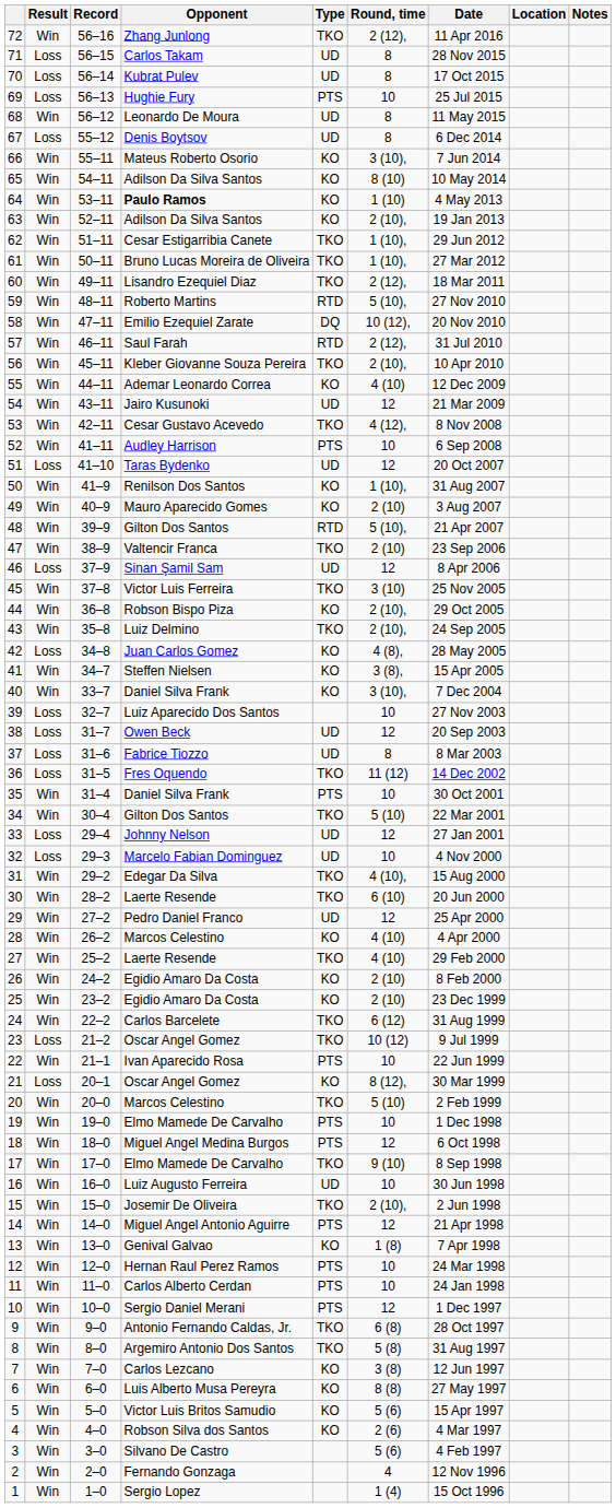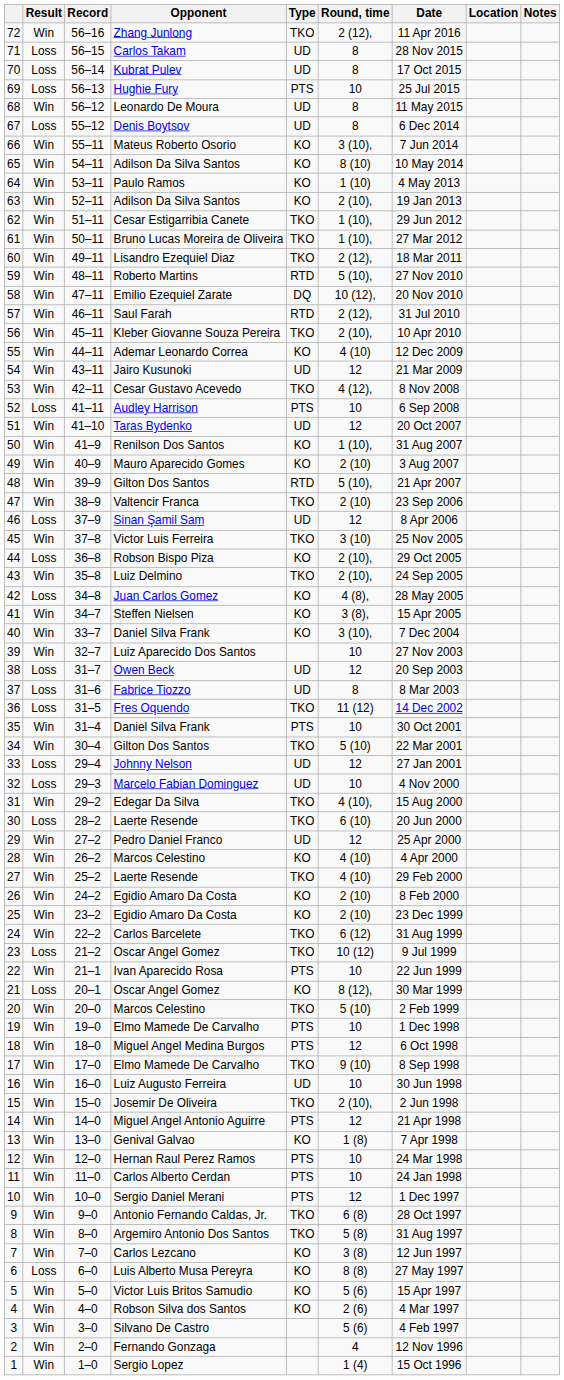 <table class="wikitable" style="text-align:center">
 <tr>
 <th></th>
 <th>Result</th>
 <th>Record</th>
 <th>Opponent</th>
 <th>Type</th>
 <th>Round, time</th>
 <th>Date</th>
 <th>Location</th>
 <th>Notes</th>
 </tr>
 <tr>
 <td>72</td>
 <td>Win</td>
 <td>56–16</td>
 <td align=left><a href='#'>Zhang Junlong</a></td>
 <td>TKO</td>
 <td>2 (12), </td>
 <td>11 Apr 2016</td>
 <td align=left></td>
 <td align=left></td>
 </tr>
 <tr>
 <td>71</td>
 <td>Loss</td>
 <td>56–15</td>
 <td align=left><a href='#'>Carlos Takam</a></td>
 <td>UD</td>
 <td>8</td>
 <td>28 Nov 2015</td>
 <td align=left></td>
 <td></td>
 </tr>
 <tr>
 <td>70</td>
 <td>Loss</td>
 <td>56–14</td>
 <td align=left><a href='#'>Kubrat Pulev</a></td>
 <td>UD</td>
 <td>8</td>
 <td>17 Oct 2015</td>
 <td align=left></td>
 <td></td>
 </tr>
 <tr>
 <td>69</td>
 <td>Loss</td>
 <td>56–13</td>
 <td align=left><a href='#'>Hughie Fury</a></td>
 <td>PTS</td>
 <td>10</td>
 <td>25 Jul 2015</td>
 <td align=left></td>
 <td></td>
 </tr>
 <tr>
 <td>68</td>
 <td>Win</td>
 <td>56–12</td>
 <td align=left>Leonardo De Moura</td>
 <td>UD</td>
 <td>8</td>
 <td>11 May 2015</td>
 <td align=left></td>
 <td align=left></td>
 </tr>
 <tr>
 <td>67</td>
 <td>Loss</td>
 <td>55–12</td>
 <td align=left><a href='#'>Denis Boytsov</a></td>
 <td>UD</td>
 <td>8</td>
 <td>6 Dec 2014</td>
 <td align=left></td>
 <td></td>
 </tr>
 <tr>
 <td>66</td>
 <td>Win</td>
 <td>55–11</td>
 <td align=left>Mateus Roberto Osorio</td>
 <td>KO</td>
 <td>3 (10), </td>
 <td>7 Jun 2014</td>
 <td align=left></td>
 <td align=left></td>
 </tr>
 <tr>
 <td>65</td>
 <td>Win</td>
 <td>54–11</td>
 <td align=left>Adilson Da Silva Santos</td>
 <td>KO</td>
 <td>8 (10)</td>
 <td>10 May 2014</td>
 <td align=left></td>
 <td align=left></td>
 </tr>
 <tr>
 <td>64</td>
 <td>Win</td>
 <td>53–11</td>
-<td align=left><strong>Paulo Ramos</strong></td>
+<td align=left>Paulo Ramos</td>
 <td>KO</td>
 <td>1 (10)</td>
 <td>4 May 2013</td>
 <td align=left></td>
 <td align=left></td>
 </tr>
 <tr>
 <td>63</td>
 <td>Win</td>
 <td>52–11</td>
 <td align=left>Adilson Da Silva Santos</td>
 <td>KO</td>
 <td>2 (10), </td>
 <td>19 Jan 2013</td>
 <td align=left></td>
 <td align=left></td>
 </tr>
 <tr>
 <td>62</td>
 <td>Win</td>
 <td>51–11</td>
 <td align=left>Cesar Estigarribia Canete</td>
 <td>TKO</td>
 <td>1 (10), </td>
 <td>29 Jun 2012</td>
 <td align=left></td>
 <td align=left></td>
 </tr>
 <tr>
 <td>61</td>
 <td>Win</td>
 <td>50–11</td>
 <td align=left>Bruno Lucas Moreira de Oliveira</td>
 <td>TKO</td>
 <td>1 (10), </td>
 <td>27 Mar 2012</td>
 <td align=left></td>
 <td align=left></td>
 </tr>
 <tr>
 <td>60</td>
 <td>Win</td>
 <td>49–11</td>
 <td align=left>Lisandro Ezequiel Diaz</td>
 <td>TKO</td>
 <td>2 (12), </td>
 <td>18 Mar 2011</td>
 <td align=left></td>
 <td align=left></td>
 </tr>
 <tr>
 <td>59</td>
 <td>Win</td>
 <td>48–11</td>
 <td align=left>Roberto Martins</td>
 <td>RTD</td>
 <td>5 (10), </td>
 <td>27 Nov 2010</td>
 <td align=left></td>
 <td align=left></td>
 </tr>
 <tr>
 <td>58</td>
 <td>Win</td>
 <td>47–11</td>
 <td align=left>Emilio Ezequiel Zarate</td>
 <td>DQ</td>
 <td>10 (12), </td>
 <td>20 Nov 2010</td>
 <td align=left></td>
 <td align=left></td>
 </tr>
 <tr>
 <td>57</td>
 <td>Win</td>
 <td>46–11</td>
 <td align=left>Saul Farah</td>
 <td>RTD</td>
 <td>2 (12), </td>
 <td>31 Jul 2010</td>
 <td align=left></td>
 <td align=left></td>
 </tr>
 <tr>
 <td>56</td>
 <td>Win</td>
 <td>45–11</td>
 <td align=left>Kleber Giovanne Souza Pereira</td>
 <td>TKO</td>
 <td>2 (10), </td>
 <td>10 Apr 2010</td>
 <td align=left></td>
 <td align=left></td>
 </tr>
 <tr>
 <td>55</td>
 <td>Win</td>
 <td>44–11</td>
 <td align=left>Ademar Leonardo Correa</td>
 <td>KO</td>
 <td>4 (10)</td>
 <td>12 Dec 2009</td>
 <td align=left></td>
 <td align=left></td>
 </tr>
 <tr>
 <td>54</td>
 <td>Win</td>
 <td>43–11</td>
 <td align=left>Jairo Kusunoki</td>
 <td>UD</td>
 <td>12</td>
 <td>21 Mar 2009</td>
 <td align=left></td>
 <td align=left></td>
 </tr>
 <tr>
 <td>53</td>
 <td>Win</td>
 <td>42–11</td>
 <td align=left>Cesar Gustavo Acevedo</td>
 <td>TKO</td>
 <td>4 (12), </td>
 <td>8 Nov 2008</td>
 <td align=left></td>
 <td align=left></td>
 </tr>
 <tr>
 <td>52</td>
-<td>Win</td>
+<td>Loss</td>
 <td>41–11</td>
 <td align=left><a href='#'>Audley Harrison</a></td>
 <td>PTS</td>
 <td>10</td>
 <td>6 Sep 2008</td>
 <td align=left></td>
 <td align=left></td>
 </tr>
 <tr>
 <td>51</td>
-<td>Loss</td>
+<td>Win</td>
 <td>41–10</td>
 <td align=left><a href='#'>Taras Bydenko</a></td>
 <td>UD</td>
 <td>12</td>
 <td>20 Oct 2007</td>
 <td align=left></td>
 <td align=left></td>
 </tr>
 <tr>
 <td>50</td>
 <td>Win</td>
 <td>41–9</td>
 <td align=left>Renilson Dos Santos</td>
 <td>KO</td>
 <td>1 (10), </td>
 <td>31 Aug 2007</td>
 <td align=left></td>
 <td align=left></td>
 </tr>
 <tr>
 <td>49</td>
 <td>Win</td>
 <td>40–9</td>
 <td align=left>Mauro Aparecido Gomes</td>
 <td>KO</td>
 <td>2 (10)</td>
 <td>3 Aug 2007</td>
 <td align=left></td>
 <td align=left></td>
 </tr>
 <tr>
 <td>48</td>
 <td>Win</td>
 <td>39–9</td>
 <td align=left>Gilton Dos Santos</td>
 <td>RTD</td>
 <td>5 (10), </td>
 <td>21 Apr 2007</td>
 <td align=left></td>
 <td align=left></td>
 </tr>
 <tr>
 <td>47</td>
 <td>Win</td>
 <td>38–9</td>
 <td align=left>Valtencir Franca</td>
 <td>TKO</td>
 <td>2 (10)</td>
 <td>23 Sep 2006</td>
 <td align=left></td>
 <td align=left></td>
 </tr>
 <tr>
 <td>46</td>
 <td>Loss</td>
 <td>37–9</td>
 <td align=left><a href='#'>Sinan Şamil Sam</a></td>
 <td>UD</td>
 <td>12</td>
 <td>8 Apr 2006</td>
 <td align=left></td>
 <td align=left></td>
 </tr>
 <tr>
 <td>45</td>
 <td>Win</td>
 <td>37–8</td>
 <td align=left>Victor Luis Ferreira</td>
 <td>TKO</td>
 <td>3 (10)</td>
 <td>25 Nov 2005</td>
 <td align=left></td>
 <td align=left></td>
 </tr>
 <tr>
 <td>44</td>
-<td>Win</td>
+<td>Loss</td>
 <td>36–8</td>
 <td align=left>Robson Bispo Piza</td>
 <td>KO</td>
 <td>2 (10), </td>
 <td>29 Oct 2005</td>
 <td align=left></td>
 <td align=left></td>
 </tr>
 <tr>
 <td>43</td>
 <td>Win</td>
 <td>35–8</td>
 <td align=left>Luiz Delmino</td>
 <td>TKO</td>
 <td>2 (10), </td>
 <td>24 Sep 2005</td>
 <td align=left></td>
 <td align=left></td>
 </tr>
 <tr>
 <td>42</td>
 <td>Loss</td>
 <td>34–8</td>
 <td align=left><a href='#'>Juan Carlos Gomez</a></td>
 <td>KO</td>
 <td>4 (8), </td>
 <td>28 May 2005</td>
 <td align=left></td>
 <td align=left></td>
 </tr>
 <tr>
 <td>41</td>
 <td>Win</td>
 <td>34–7</td>
 <td align=left>Steffen Nielsen</td>
 <td>KO</td>
 <td>3 (8), </td>
 <td>15 Apr 2005</td>
 <td align=left></td>
 <td align=left></td>
 </tr>
 <tr>
 <td>40</td>
 <td>Win</td>
 <td>33–7</td>
 <td align=left>Daniel Silva Frank</td>
 <td>KO</td>
 <td>3 (10), </td>
 <td>7 Dec 2004</td>
 <td align=left></td>
 <td align=left></td>
 </tr>
 <tr>
 <td>39</td>
-<td>Loss</td>
+<td>Win</td>
 <td>32–7</td>
 <td align=left>Luiz Aparecido Dos Santos</td>
 <td></td>
 <td>10</td>
 <td>27 Nov 2003</td>
 <td align=left></td>
 <td align=left></td>
 </tr>
 <tr>
 <td>38</td>
 <td>Loss</td>
 <td>31–7</td>
 <td align=left><a href='#'>Owen Beck</a></td>
 <td>UD</td>
 <td>12</td>
 <td>20 Sep 2003</td>
 <td align=left></td>
 <td align=left></td>
 </tr>
 <tr>
 <td>37</td>
 <td>Loss</td>
 <td>31–6</td>
 <td align=left><a href='#'>Fabrice Tiozzo</a></td>
 <td>UD</td>
 <td>8</td>
 <td>8 Mar 2003</td>
 <td align=left></td>
 <td align=left></td>
 </tr>
 <tr>
 <td>36</td>
 <td>Loss</td>
 <td>31–5</td>
 <td align=left><a href='#'>Fres Oquendo</a></td>
 <td>TKO</td>
 <td>11 (12)</td>
 <td><a href='#'>14 Dec 2002</a></td>
 <td align=left></td>
 <td align=left></td>
 </tr>
 <tr>
 <td>35</td>
 <td>Win</td>
 <td>31–4</td>
 <td align=left>Daniel Silva Frank</td>
 <td>PTS</td>
 <td>10</td>
 <td>30 Oct 2001</td>
 <td align=left></td>
 <td align=left></td>
 </tr>
 <tr>
 <td>34</td>
 <td>Win</td>
 <td>30–4</td>
 <td align=left>Gilton Dos Santos</td>
 <td>TKO</td>
 <td>5 (10)</td>
 <td>22 Mar 2001</td>
 <td align=left></td>
 <td align=left></td>
 </tr>
 <tr>
 <td>33</td>
 <td>Loss</td>
 <td>29–4</td>
 <td align=left><a href='#'>Johnny Nelson</a></td>
 <td>UD</td>
 <td>12</td>
 <td>27 Jan 2001</td>
 <td align=left></td>
 <td align=left></td>
 </tr>
 <tr>
 <td>32</td>
 <td>Loss</td>
 <td>29–3</td>
 <td align=left><a href='#'>Marcelo Fabian Dominguez</a></td>
 <td>UD</td>
 <td>10</td>
 <td>4 Nov 2000</td>
 <td align=left></td>
 <td align=left></td>
 </tr>
 <tr>
 <td>31</td>
 <td>Win</td>
 <td>29–2</td>
 <td align=left>Edegar Da Silva</td>
 <td>TKO</td>
 <td>4 (10), </td>
 <td>15 Aug 2000</td>
 <td align=left></td>
 <td align=left></td>
 </tr>
 <tr>
 <td>30</td>
-<td>Win</td>
+<td>Loss</td>
 <td>28–2</td>
 <td align=left>Laerte Resende</td>
 <td>TKO</td>
 <td>6 (10)</td>
 <td>20 Jun 2000</td>
 <td align=left></td>
 <td align=left></td>
 </tr>
 <tr>
 <td>29</td>
 <td>Win</td>
 <td>27–2</td>
 <td align=left>Pedro Daniel Franco</td>
 <td>UD</td>
 <td>12</td>
 <td>25 Apr 2000</td>
 <td align=left></td>
 <td align=left></td>
 </tr>
 <tr>
 <td>28</td>
 <td>Win</td>
 <td>26–2</td>
 <td align=left>Marcos Celestino</td>
 <td>KO</td>
 <td>4 (10)</td>
 <td>4 Apr 2000</td>
 <td align=left></td>
 <td align=left></td>
 </tr>
 <tr>
 <td>27</td>
 <td>Win</td>
 <td>25–2</td>
 <td align=left>Laerte Resende</td>
 <td>TKO</td>
 <td>4 (10)</td>
 <td>29 Feb 2000</td>
 <td align=left></td>
 <td align=left></td>
 </tr>
 <tr>
 <td>26</td>
 <td>Win</td>
 <td>24–2</td>
 <td align=left>Egidio Amaro Da Costa</td>
 <td>KO</td>
 <td>2 (10)</td>
 <td>8 Feb 2000</td>
 <td align=left></td>
 <td align=left></td>
 </tr>
 <tr>
 <td>25</td>
 <td>Win</td>
 <td>23–2</td>
 <td align=left>Egidio Amaro Da Costa</td>
 <td>KO</td>
 <td>2 (10)</td>
 <td>23 Dec 1999</td>
 <td align=left></td>
 <td align=left></td>
 </tr>
 <tr>
 <td>24</td>
 <td>Win</td>
 <td>22–2</td>
 <td align=left>Carlos Barcelete</td>
 <td>TKO</td>
 <td>6 (12)</td>
 <td>31 Aug 1999</td>
 <td align=left></td>
 <td align=left></td>
 </tr>
 <tr>
 <td>23</td>
 <td>Loss</td>
 <td>21–2</td>
 <td align=left>Oscar Angel Gomez</td>
 <td>TKO</td>
 <td>10 (12)</td>
 <td>9 Jul 1999</td>
 <td align=left></td>
 <td align=left></td>
 </tr>
 <tr>
 <td>22</td>
 <td>Win</td>
 <td>21–1</td>
 <td align=left>Ivan Aparecido Rosa</td>
 <td>PTS</td>
 <td>10</td>
 <td>22 Jun 1999</td>
 <td align=left></td>
 <td align=left></td>
 </tr>
 <tr>
 <td>21</td>
 <td>Loss</td>
 <td>20–1</td>
 <td align=left>Oscar Angel Gomez</td>
 <td>KO</td>
 <td>8 (12), </td>
 <td>30 Mar 1999</td>
 <td align=left></td>
 <td align=left></td>
 </tr>
 <tr>
 <td>20</td>
 <td>Win</td>
 <td>20–0</td>
 <td align=left>Marcos Celestino</td>
 <td>TKO</td>
 <td>5 (10)</td>
 <td>2 Feb 1999</td>
 <td align=left></td>
 <td align=left></td>
 </tr>
 <tr>
 <td>19</td>
 <td>Win</td>
 <td>19–0</td>
 <td align=left>Elmo Mamede De Carvalho</td>
 <td>PTS</td>
 <td>10</td>
 <td>1 Dec 1998</td>
 <td align=left></td>
 <td align=left></td>
 </tr>
 <tr>
 <td>18</td>
 <td>Win</td>
 <td>18–0</td>
 <td align=left>Miguel Angel Medina Burgos</td>
 <td>PTS</td>
 <td>12</td>
 <td>6 Oct 1998</td>
 <td align=left></td>
 <td align=left></td>
 </tr>
 <tr>
 <td>17</td>
 <td>Win</td>
 <td>17–0</td>
 <td align=left>Elmo Mamede De Carvalho</td>
 <td>TKO</td>
 <td>9 (10)</td>
 <td>8 Sep 1998</td>
 <td align=left></td>
 <td align=left></td>
 </tr>
 <tr>
 <td>16</td>
 <td>Win</td>
 <td>16–0</td>
 <td align=left>Luiz Augusto Ferreira</td>
 <td>UD</td>
 <td>10</td>
 <td>30 Jun 1998</td>
 <td align=left></td>
 <td align=left></td>
 </tr>
 <tr>
 <td>15</td>
 <td>Win</td>
 <td>15–0</td>
 <td align=left>Josemir De Oliveira</td>
 <td>TKO</td>
 <td>2 (10), </td>
 <td>2 Jun 1998</td>
 <td align=left></td>
 <td align=left></td>
 </tr>
 <tr>
 <td>14</td>
 <td>Win</td>
 <td>14–0</td>
 <td align=left>Miguel Angel Antonio Aguirre</td>
 <td>PTS</td>
 <td>12</td>
 <td>21 Apr 1998</td>
 <td align=left></td>
 <td align=left></td>
 </tr>
 <tr>
 <td>13</td>
 <td>Win</td>
 <td>13–0</td>
 <td align=left>Genival Galvao</td>
 <td>KO</td>
 <td>1 (8)</td>
 <td>7 Apr 1998</td>
 <td align=left></td>
 <td align=left></td>
 </tr>
 <tr>
 <td>12</td>
 <td>Win</td>
 <td>12–0</td>
 <td align=left>Hernan Raul Perez Ramos</td>
 <td>PTS</td>
 <td>10</td>
 <td>24 Mar 1998</td>
 <td align=left></td>
 <td align=left></td>
 </tr>
 <tr>
 <td>11</td>
 <td>Win</td>
 <td>11–0</td>
 <td align=left>Carlos Alberto Cerdan</td>
 <td>PTS</td>
 <td>10</td>
 <td>24 Jan 1998</td>
 <td align=left></td>
 <td align=left></td>
 </tr>
 <tr>
 <td>10</td>
 <td>Win</td>
 <td>10–0</td>
 <td align=left>Sergio Daniel Merani</td>
 <td>PTS</td>
 <td>12</td>
 <td>1 Dec 1997</td>
 <td align=left></td>
 <td align=left></td>
 </tr>
 <tr>
 <td>9</td>
 <td>Win</td>
 <td>9–0</td>
 <td align=left>Antonio Fernando Caldas, Jr.</td>
 <td>TKO</td>
 <td>6 (8)</td>
 <td>28 Oct 1997</td>
 <td align=left></td>
 <td align=left></td>
 </tr>
 <tr>
 <td>8</td>
 <td>Win</td>
 <td>8–0</td>
 <td align=left>Argemiro Antonio Dos Santos</td>
 <td>TKO</td>
 <td>5 (8)</td>
 <td>31 Aug 1997</td>
 <td align=left></td>
 <td align=left></td>
 </tr>
 <tr>
 <td>7</td>
 <td>Win</td>
 <td>7–0</td>
 <td align=left>Carlos Lezcano</td>
 <td>KO</td>
 <td>3 (8)</td>
 <td>12 Jun 1997</td>
 <td align=left></td>
 <td align=left></td>
 </tr>
 <tr>
 <td>6</td>
-<td>Win</td>
+<td>Loss</td>
 <td>6–0</td>
 <td align=left>Luis Alberto Musa Pereyra</td>
 <td>KO</td>
 <td>8 (8)</td>
 <td>27 May 1997</td>
 <td align=left></td>
 <td align=left></td>
 </tr>
 <tr>
 <td>5</td>
 <td>Win</td>
 <td>5–0</td>
 <td align=left>Victor Luis Britos Samudio</td>
 <td>KO</td>
 <td>5 (6)</td>
 <td>15 Apr 1997</td>
 <td align=left></td>
 <td align=left></td>
 </tr>
 <tr>
 <td>4</td>
 <td>Win</td>
 <td>4–0</td>
 <td align=left>Robson Silva dos Santos</td>
 <td>KO</td>
 <td>2 (6)</td>
 <td>4 Mar 1997</td>
 <td align=left></td>
 <td align=left></td>
 </tr>
 <tr>
 <td>3</td>
 <td>Win</td>
 <td>3–0</td>
 <td align=left>Silvano De Castro</td>
 <td></td>
 <td>5 (6)</td>
 <td>4 Feb 1997</td>
 <td align=left></td>
 <td align=left></td>
 </tr>
 <tr>
 <td>2</td>
 <td>Win</td>
 <td>2–0</td>
 <td align=left>Fernando Gonzaga</td>
 <td></td>
 <td>4</td>
 <td>12 Nov 1996</td>
 <td align=left></td>
 <td align=left></td>
 </tr>
 <tr>
 <td>1</td>
 <td>Win</td>
 <td>1–0</td>
 <td align=left>Sergio Lopez</td>
 <td></td>
 <td>1 (4)</td>
 <td>15 Oct 1996</td>
 <td align=left></td>
 <td align=left></td>
 </tr>
 </table>
